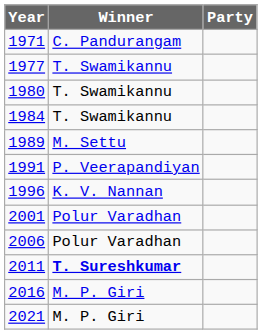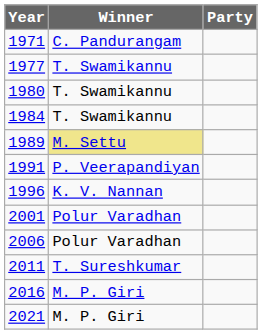 <table class="wikitable">
 <tr>
 <th style="background-color:#666666; color:white">Year</th>
 <th style="background-color:#666666; color:white">Winner</th>
 <th style="background-color:#666666; color:white" colspan="2">Party</th>
 </tr>
 <tr>
 <td><a href='#'>1971</a></td>
 <td><a href='#'>C. Pandurangam</a></td>
 <td></td>
 </tr>
 <tr>
 <td><a href='#'>1977</a></td>
 <td><a href='#'>T. Swamikannu</a></td>
 <td></td>
 </tr>
 <tr>
 <td><a href='#'>1980</a></td>
 <td>T. Swamikannu</td>
 <td></td>
 </tr>
 <tr>
 <td><a href='#'>1984</a></td>
 <td>T. Swamikannu</td>
 <td></td>
 </tr>
 <tr>
 <td><a href='#'>1989</a></td>
-<td><a href='#'>M. Settu</a></td>
+<td style="background: khaki;"><a href='#'>M. Settu</a></td>
 <td></td>
 </tr>
 <tr>
 <td><a href='#'>1991</a></td>
 <td><a href='#'>P. Veerapandiyan</a></td>
 <td></td>
 </tr>
 <tr>
 <td><a href='#'>1996</a></td>
 <td><a href='#'>K. V. Nannan</a></td>
 <td></td>
 </tr>
 <tr>
 <td><a href='#'>2001</a></td>
 <td><a href='#'>Polur Varadhan</a></td>
 <td></td>
 </tr>
 <tr>
 <td><a href='#'>2006</a></td>
 <td>Polur Varadhan</td>
 <td></td>
 </tr>
 <tr>
 <td><a href='#'>2011</a></td>
-<td><strong><a href='#'>T. Sureshkumar</a></strong></td>
+<td><a href='#'>T. Sureshkumar</a></td>
 <td></td>
 </tr>
 <tr>
 <td><a href='#'>2016</a></td>
 <td><a href='#'>M. P. Giri</a></td>
 <td></td>
 </tr>
 <tr>
 <td><a href='#'>2021</a></td>
 <td>M. P. Giri</td>
 <td></td>
 </tr>
 </table>
